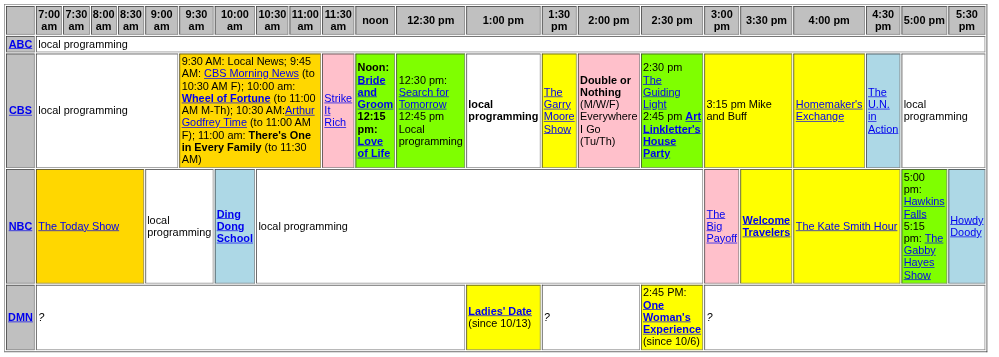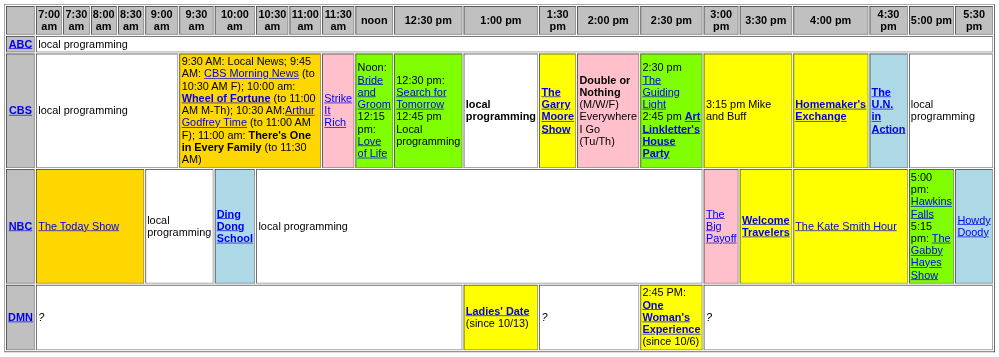 <table border="1" cellpadding="2">
 <tr>
 <th style="background:silver;"> </th>
 <th style="width:13%; background:silver;">7:00 am</th>
 <th style="width:14%; background:silver;">7:30 am</th>
 <th style="width:13%; background:silver;">8:00 am</th>
 <th style="width:14%; background:silver;">8:30 am</th>
 <th style="width:13%; background:silver;">9:00 am</th>
 <th style="width:14%; background:silver;">9:30 am</th>
 <th style="width:13%; background:silver;">10:00 am</th>
 <th style="width:14%; background:silver;">10:30 am</th>
 <th style="width:13%; background:silver;">11:00 am</th>
 <th style="width:14%; background:silver;">11:30 am</th>
 <th style="width:13%; background:silver;">noon</th>
 <th style="width:14%; background:silver;">12:30 pm</th>
 <th style="width:13%; background:silver;">1:00 pm</th>
 <th style="width:14%; background:silver;">1:30 pm</th>
 <th style="width:13%; background:silver;">2:00 pm</th>
 <th style="width:14%; background:silver;">2:30 pm</th>
 <th style="width:13%; background:silver;">3:00 pm</th>
 <th style="width:14%; background:silver;">3:30 pm</th>
 <th style="width:13%; background:silver;">4:00 pm</th>
 <th style="width:14%; background:silver;">4:30 pm</th>
 <th style="width:13%; background:silver;">5:00 pm</th>
 <th style="width:14%; background:silver;">5:30 pm</th>
 </tr>
 <tr>
 <th style="background:silver;"><a href='#'>ABC</a></th>
 <td style="background:white;" colspan="22">local programming</td>
 </tr>
 <tr>
 <th style="background:silver;"><a href='#'>CBS</a></th>
 <td style="background:white;" colspan="5">local programming</td>
 <td style="background:gold;" colspan="4">9:30 AM: Local News; 9:45 AM: <a href='#'>CBS Morning News</a> (to 10:30 AM F); 10:00 am: <strong><a href='#'>Wheel of Fortune</a></strong> (to 11:00 AM M-Th); 10:30 AM:<a href='#'>Arthur Godfrey Time</a> (to 11:00 AM F); 11:00 am: <strong>There's One in Every Family</strong> (to 11:30 AM)</td>
 <td style="background:pink;"><a href='#'>Strike It Rich</a></td>
-<td style="background:chartreuse;"><strong>Noon: <a href='#'>Bride and Groom</a><br>12:15 pm: <a href='#'>Love of Life</a></strong></td>
+<td style="background:chartreuse;">Noon: <a href='#'>Bride and Groom</a><br>12:15 pm: <a href='#'>Love of Life</a></td>
 <td style="background:chartreuse;">12:30 pm: <a href='#'>Search for Tomorrow</a><br>12:45 pm Local programming</td>
 <td style="background:white;"><strong>local programming</strong></td>
-<td style="background:yellow;"><a href='#'>The Garry Moore Show</a></td>
+<td style="background:yellow;"><strong><a href='#'>The Garry Moore Show</a></strong></td>
 <td style="background:pink;"><strong>Double or Nothing</strong> (M/W/F) Everywhere I Go (Tu/Th)</td>
 <td style="background:chartreuse;" colspan="1">2:30 pm <a href='#'>The Guiding Light</a><br>2:45 pm <strong><a href='#'>Art Linkletter's House Party</a></strong></td>
 <td style="background:yellow;" colspan="2">3:15 pm Mike and Buff</td>
-<td style="background:yellow;"><a href='#'>Homemaker's Exchange</a></td>
-<td style="background:lightblue;"><a href='#'>The U.N. in Action</a></td>
+<td style="background:yellow;"><strong><a href='#'>Homemaker's Exchange</a></strong></td>
+<td style="background:lightblue;"><strong><a href='#'>The U.N. in Action</a></strong></td>
 <td style="background:white;" colspan="2">local programming</td>
 </tr>
 <tr>
 <th style="background:silver;"><a href='#'>NBC</a></th>
 <td style="background:gold;" colspan="4"><a href='#'>The Today Show</a></td>
 <td style="background:white;" colspan="2">local programming</td>
 <td style="background:lightblue;"><strong><a href='#'>Ding Dong School</a></strong></td>
 <td style="background:white;" colspan="9">local programming</td>
 <td style="background:pink;"><a href='#'>The Big Payoff</a></td>
 <td style="background:yellow;"><strong><a href='#'>Welcome Travelers</a></strong></td>
 <td style="background:yellow;" colspan="2"><a href='#'>The Kate Smith Hour</a></td>
 <td style="background:chartreuse;">5:00 pm: <a href='#'>Hawkins Falls</a><br>5:15 pm: <a href='#'>The Gabby Hayes Show</a></td>
 <td style="background:lightblue;"><a href='#'>Howdy Doody</a></td>
 </tr>
 <tr>
 <th style="background:silver;"><a href='#'>DMN</a></th>
 <td style="background:white;" colspan="12"><em>?</em></td>
 <td style="background:yellow;"><strong><a href='#'>Ladies' Date</a></strong> (since 10/13)</td>
 <td style="background:white;" colspan="2"><em>?</em></td>
 <td style="background:yellow;">2:45 PM: <strong><a href='#'>One Woman's Experience</a></strong> (since 10/6)</td>
 <td style="background:white;" colspan="6"><em>?</em></td>
 </tr>
 </table>
